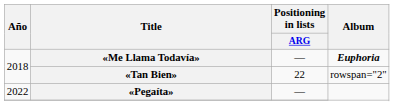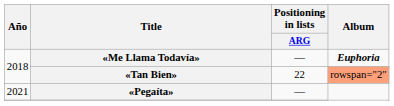 <table class="wikitable plainrowheaders" style="text-align:center;">
 <tr>
 <th scope="col" rowspan="2">Año</th>
 <th scope="col" rowspan="2" style="width:22em;">Title</th>
 <th scope="col" colspan="1">Positioning in lists</th>
 <th scope="col" rowspan="2">Album</th>
 </tr>
 <tr>
 <th scope="col" style="width:3em;font-size:90%;"><a href='#'>ARG</a><br></th>
 </tr>
 <tr>
 <td rowspan="2">2018</td>
 <th scope="row">«Me Llama Todavía» <br></th>
 <td>—</td>
 <td><strong><em>Euphoria</em></strong></td>
 </tr>
 <tr>
 <th scope="row">«Tan Bien» <br></th>
 <td>22</td>
-<td>rowspan="2" </td>
+<td style="background: lightsalmon;">rowspan="2" </td>
 </tr>
 <tr>
-<td>2022</td>
+<td>2021</td>
 <th scope="row">«Pegaíta» <br></th>
 <td>—</td>
 </tr>
 <tr>
 </tr>
 </table>
